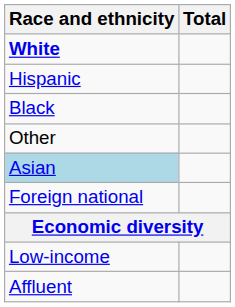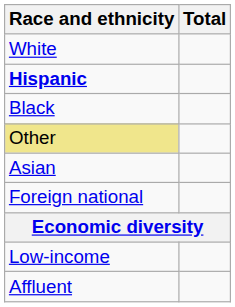 <table class="wikitable floatright sortable collapsible"; text-align:right; font-size:80%;">
 <tr>
 <th>Race and ethnicity</th>
 <th colspan="2" data-sort-type=number>Total</th>
 </tr>
 <tr>
-<td><strong><a href='#'>White</a></strong></td>
+<td><a href='#'>White</a></td>
 <td align=right></td>
 </tr>
 <tr>
-<td><a href='#'>Hispanic</a></td>
+<td><strong><a href='#'>Hispanic</a></strong></td>
 <td align=right></td>
 </tr>
 <tr>
 <td><a href='#'>Black</a></td>
 <td align=right></td>
 </tr>
 <tr>
-<td>Other</td>
+<td style="background: khaki;">Other</td>
 <td align=right></td>
 </tr>
 <tr>
-<td style="background: lightblue;"><a href='#'>Asian</a></td>
+<td><a href='#'>Asian</a></td>
 <td align=right></td>
 </tr>
 <tr>
 <td><a href='#'>Foreign national</a></td>
 <td align=right></td>
 </tr>
 <tr>
 <th colspan="4" data-sort-type=number><a href='#'>Economic diversity</a></th>
 </tr>
 <tr>
 <td><a href='#'>Low-income</a></td>
 <td align=right></td>
 </tr>
 <tr>
 <td><a href='#'>Affluent</a></td>
 <td align=right></td>
 </tr>
 </table>
